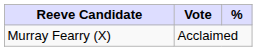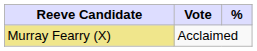 <table class="wikitable">
 <tr>
 <th style="background:#ddf; width:200px;">Reeve Candidate </th>
 <th style="background:#ddf; width:50px;">Vote</th>
 <th style="background:#ddf; width:30px;">%</th>
 </tr>
 <tr>
-<td>Murray Fearry (X)</td>
+<td style="background: khaki;">Murray Fearry (X)</td>
 <td colspan="2">Acclaimed</td>
 </tr>
 </table>
